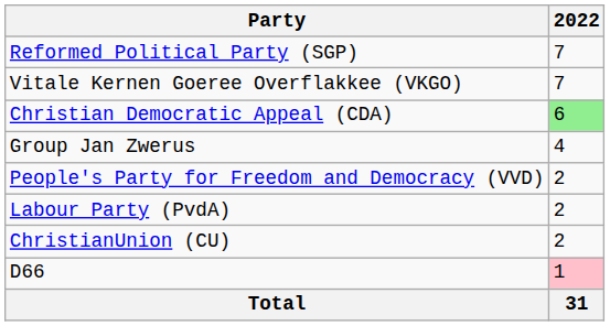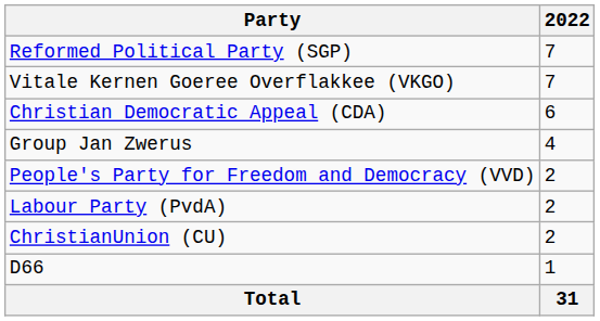 <table class="wikitable">
 <tr>
 <th>Party</th>
 <th>2022</th>
 </tr>
 <tr>
 <td><a href='#'>Reformed Political Party</a> (SGP)</td>
 <td>7</td>
 </tr>
 <tr>
 <td>Vitale Kernen Goeree Overflakkee (VKGO)</td>
 <td>7</td>
 </tr>
 <tr>
 <td><a href='#'>Christian Democratic Appeal</a> (CDA)</td>
-<td style="background: lightgreen;">6</td>
+<td>6</td>
 </tr>
 <tr>
 <td>Group Jan Zwerus</td>
 <td>4</td>
 </tr>
 <tr>
 <td><a href='#'>People's Party for Freedom and Democracy</a> (VVD)</td>
 <td>2</td>
 </tr>
 <tr>
 <td><a href='#'>Labour Party</a> (PvdA)</td>
 <td>2</td>
 </tr>
 <tr>
 <td><a href='#'>ChristianUnion</a> (CU)</td>
 <td>2</td>
 </tr>
 <tr>
 <td>D66</td>
-<td style="background: pink;">1</td>
+<td>1</td>
 </tr>
 <tr>
 <th>Total</th>
 <th>31</th>
 </tr>
 </table>
